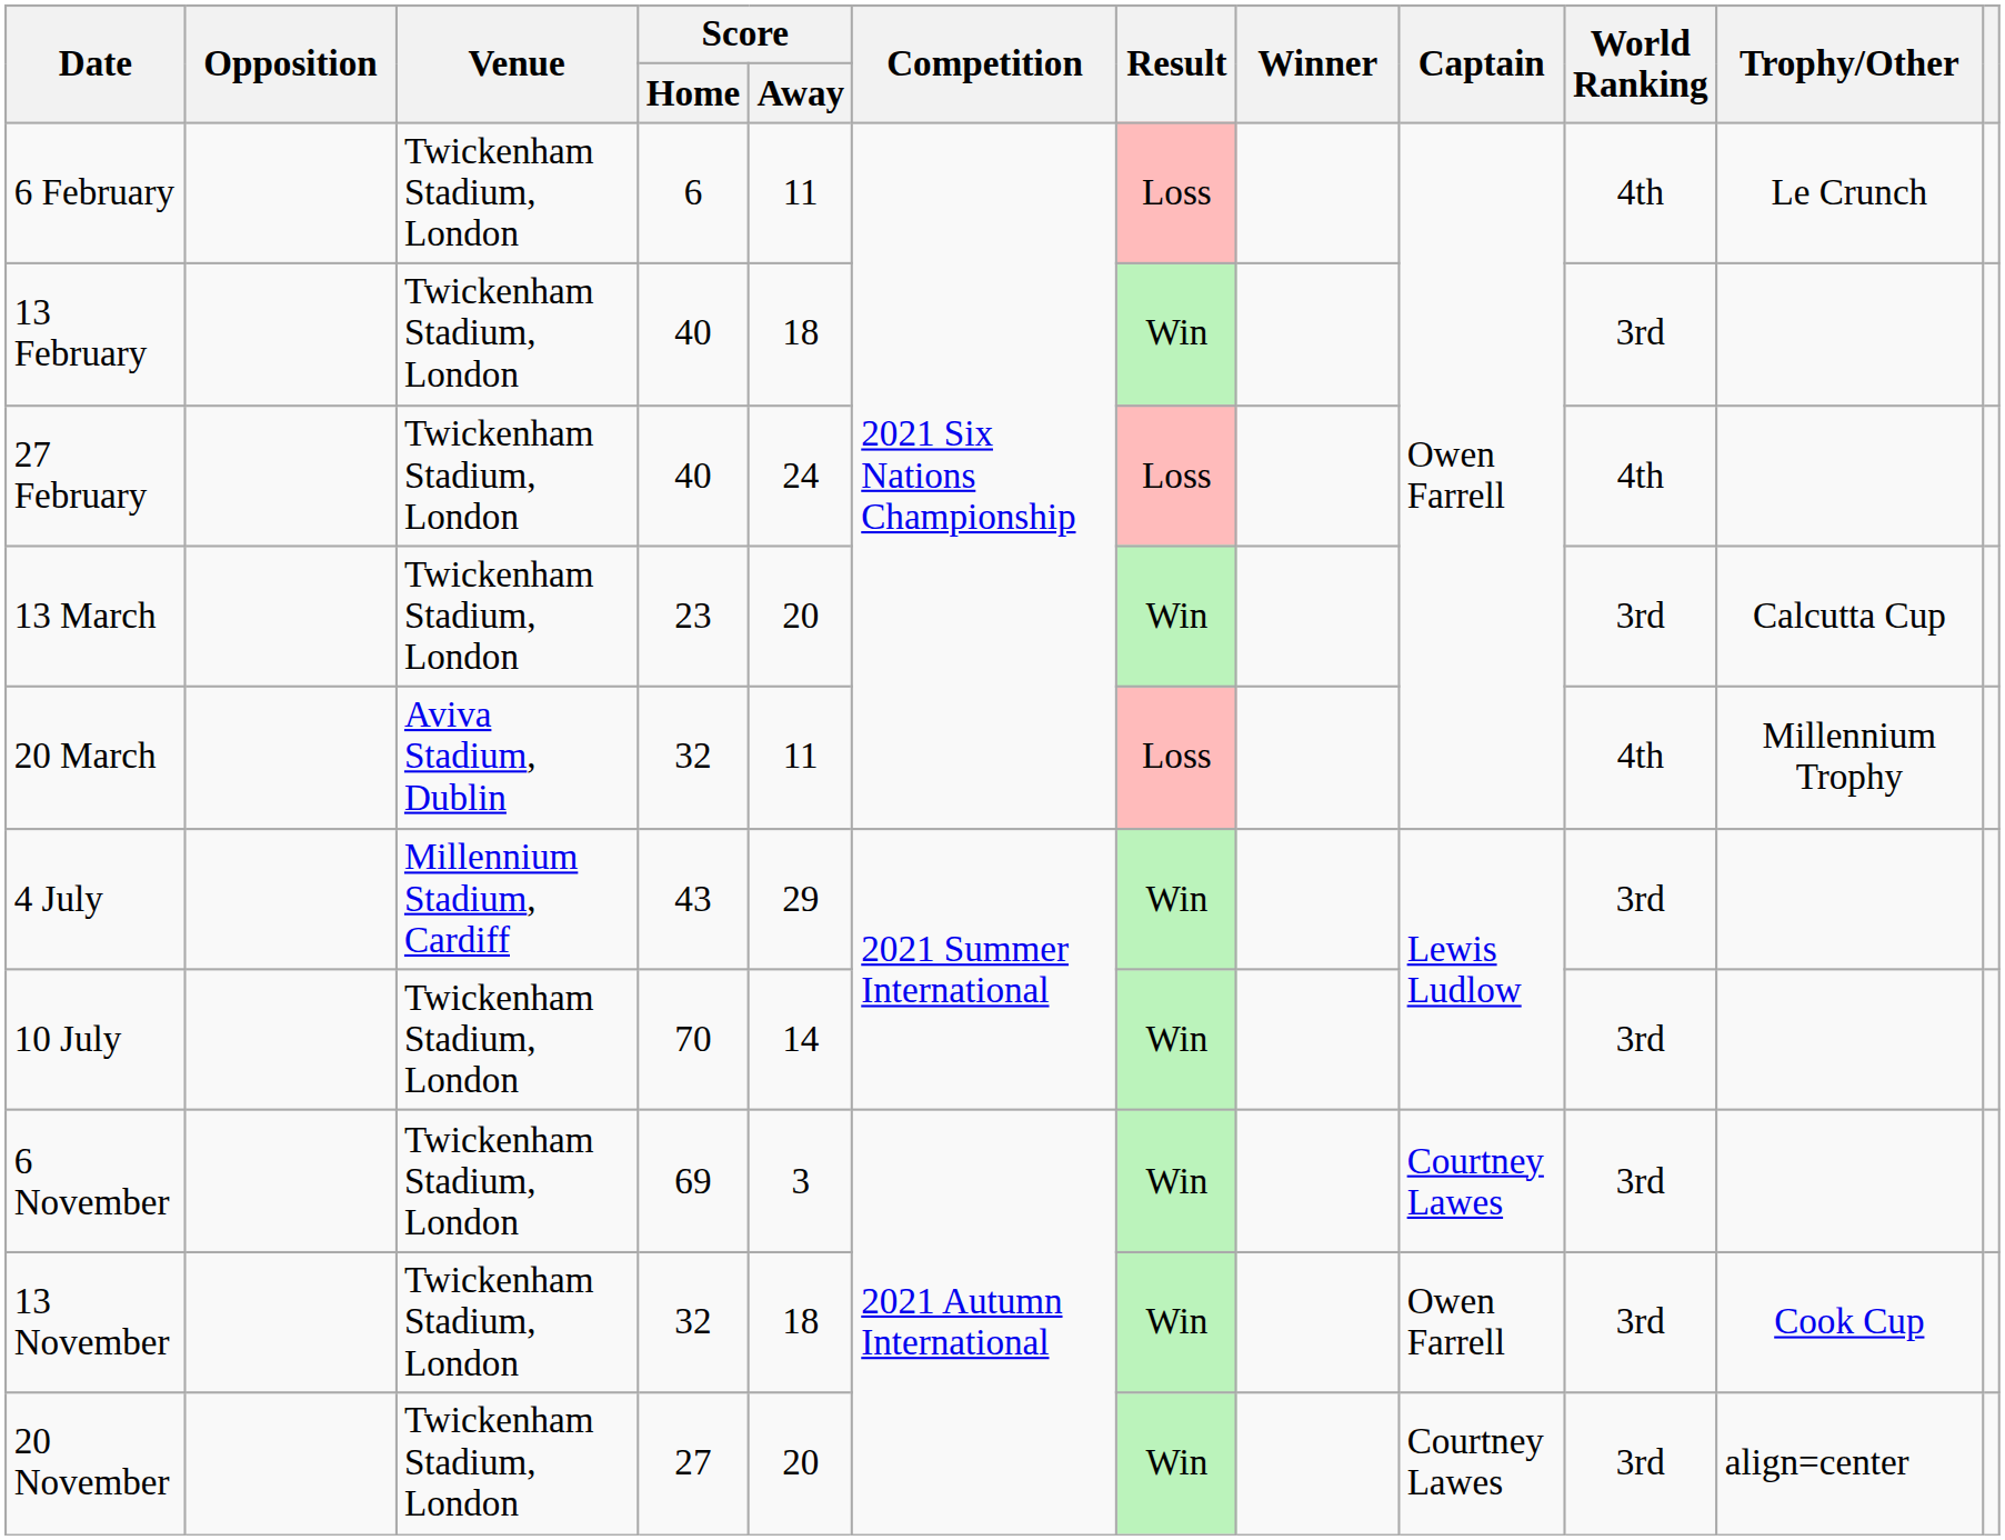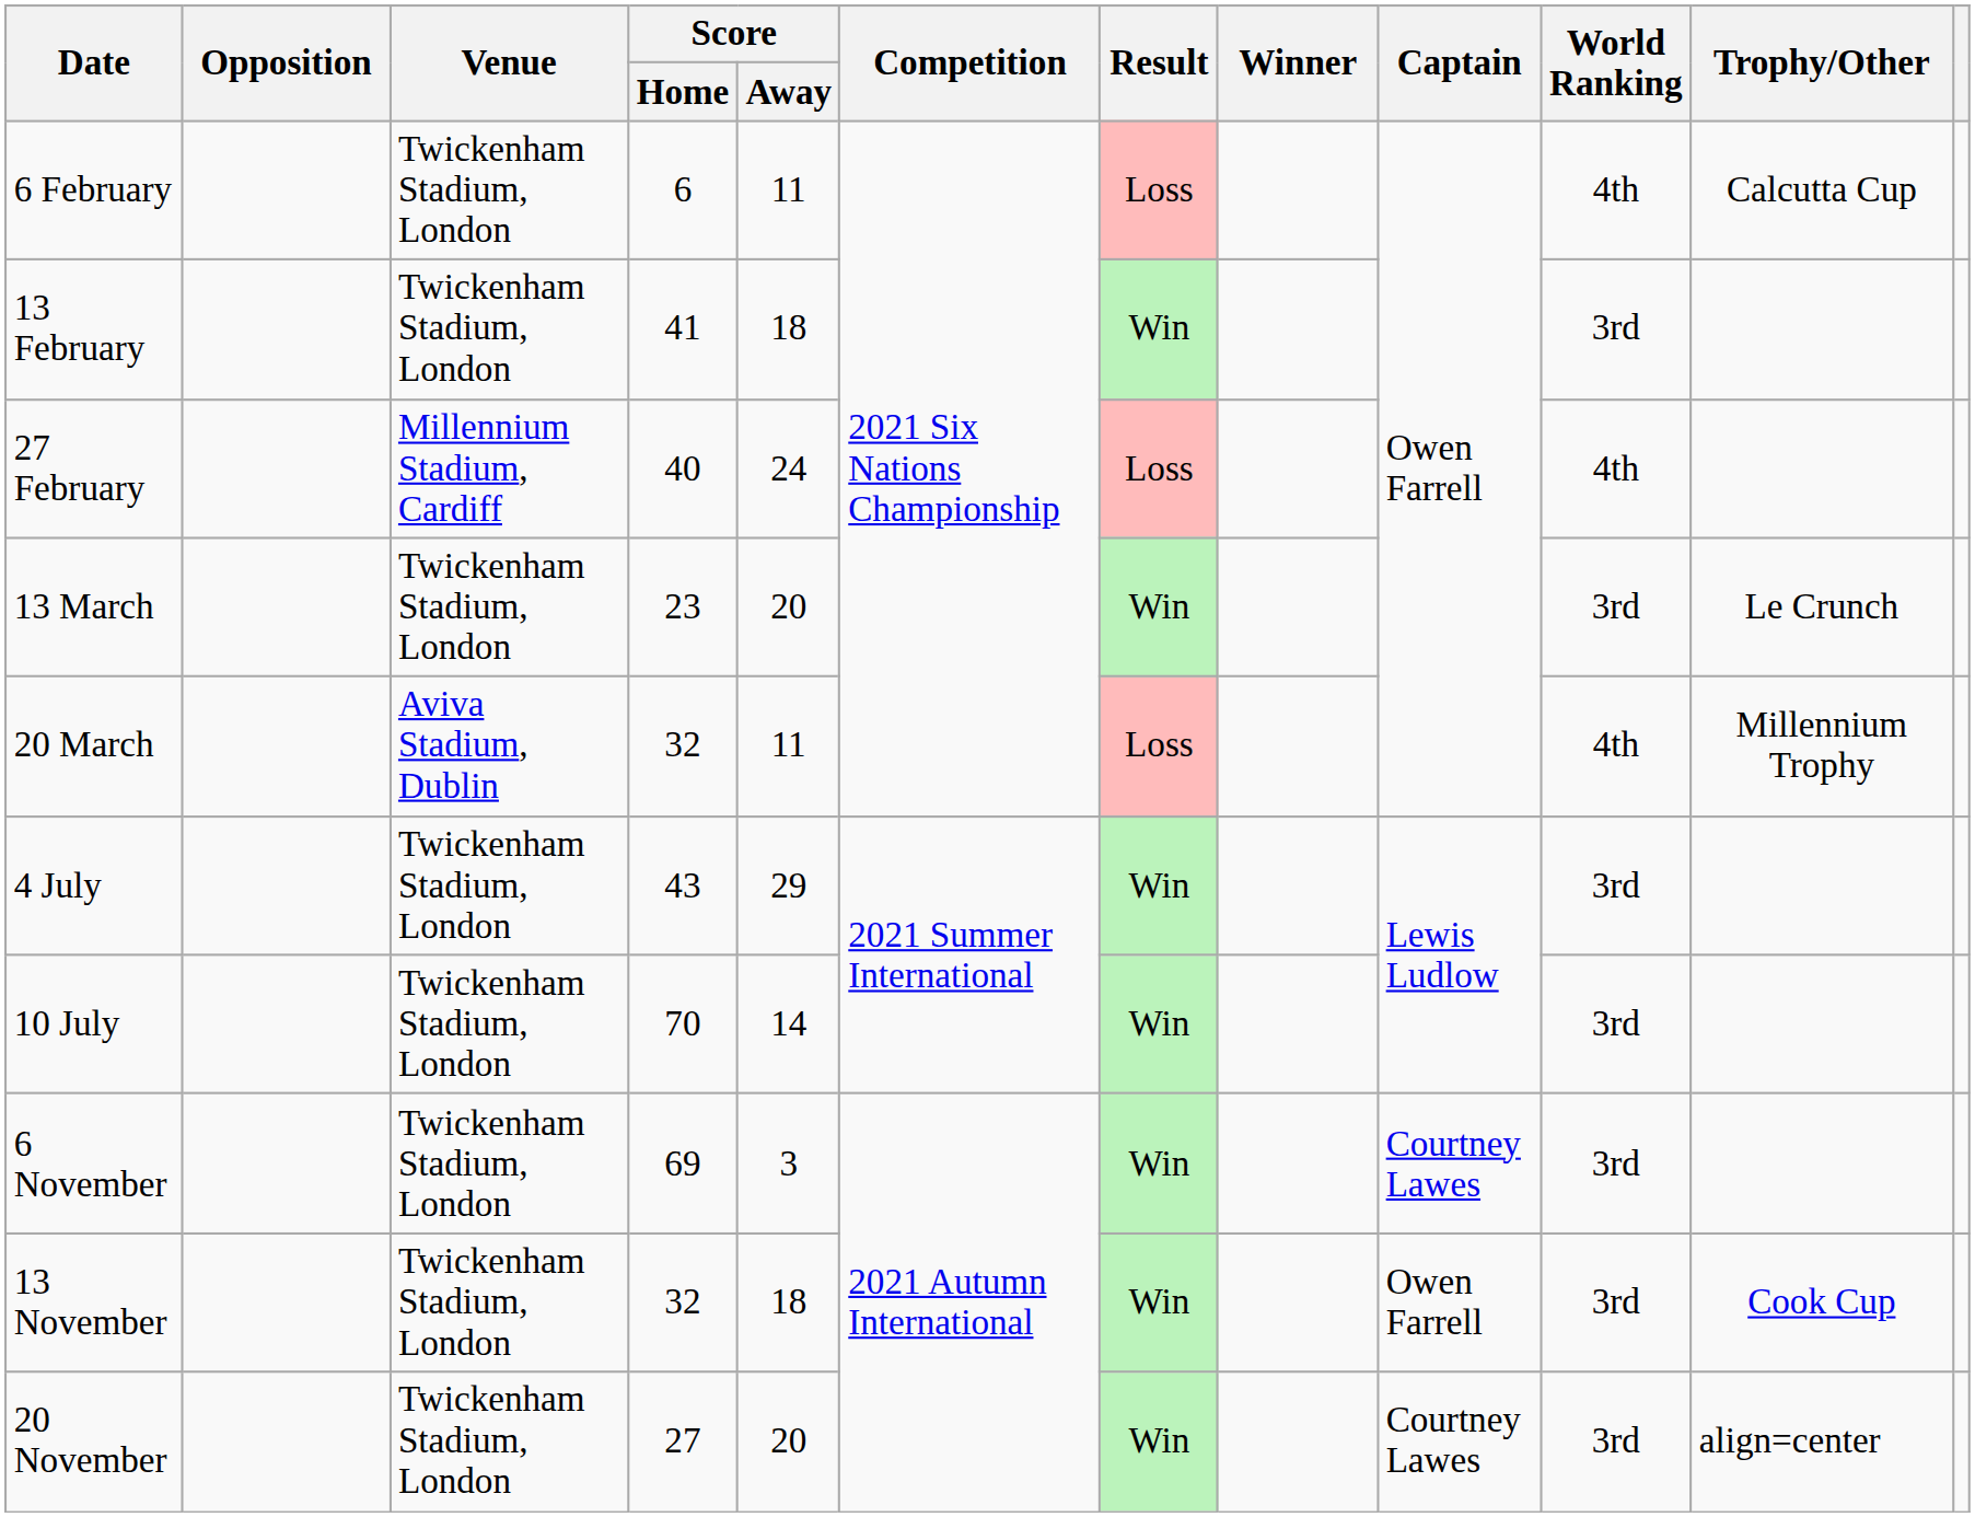 <table class="wikitable">
 <tr>
 <th rowspan=2 width="95">Date</th>
 <th rowspan=2 width="150">Opposition</th>
 <th rowspan=2 width="215">Venue</th>
 <th colspan=2>Score</th>
 <th rowspan=2 width="215">Competition</th>
 <th rowspan=2 width="55">Result</th>
 <th rowspan=2 width="145">Winner</th>
 <th rowspan=2 width="105">Captain</th>
 <th rowspan=2 width="40">World Ranking</th>
 <th rowspan=2 width="205">Trophy/Other </th>
 <th rowspan=2></th>
 </tr>
 <tr>
 <th width="35">Home</th>
 <th width="35">Away</th>
 </tr>
 <tr>
 <td>6 February</td>
 <td></td>
 <td>Twickenham Stadium, London</td>
 <td align=center>6</td>
 <td align=center>11</td>
 <td rowspan=5><a href='#'>2021 Six Nations Championship</a></td>
 <td align=center bgcolor=#FFBBBB>Loss</td>
 <td></td>
 <td rowspan=5>Owen Farrell</td>
 <td align=center>4th</td>
-<td align=center>Le Crunch</td>
+<td align=center>Calcutta Cup</td>
 <td align=center></td>
 </tr>
 <tr>
 <td>13 February</td>
 <td></td>
 <td>Twickenham Stadium, London</td>
-<td align=center>40</td>
+<td align=center>41</td>
 <td align=center>18</td>
 <td align=center bgcolor=#BBF3BB>Win</td>
 <td></td>
 <td align=center>3rd</td>
 <td></td>
 <td align=center></td>
 </tr>
 <tr>
 <td>27 February</td>
 <td></td>
-<td>Twickenham Stadium, London</td>
+<td><a href='#'>Millennium Stadium</a>, <a href='#'>Cardiff</a></td>
 <td align=center>40</td>
 <td align=center>24</td>
 <td align=center bgcolor=#FFBBBB>Loss</td>
 <td></td>
 <td align=center>4th</td>
 <td></td>
 <td align=center></td>
 </tr>
 <tr>
 <td>13 March</td>
 <td></td>
 <td>Twickenham Stadium, London</td>
 <td align=center>23</td>
 <td align=center>20</td>
 <td align=center bgcolor=#BBF3BB>Win</td>
 <td></td>
 <td align=center>3rd</td>
-<td align=center>Calcutta Cup</td>
+<td align=center>Le Crunch</td>
 <td align=center></td>
 </tr>
 <tr>
 <td>20 March</td>
 <td></td>
 <td><a href='#'>Aviva Stadium</a>, <a href='#'>Dublin</a></td>
 <td align=center>32</td>
 <td align=center>11</td>
 <td align=center bgcolor=#FFBBBB>Loss</td>
 <td></td>
 <td align=center>4th</td>
 <td align=center>Millennium Trophy</td>
 <td align=center></td>
 </tr>
 <tr>
 <td>4 July</td>
 <td></td>
-<td><a href='#'>Millennium Stadium</a>, <a href='#'>Cardiff</a></td>
+<td>Twickenham Stadium, London</td>
 <td align=center>43</td>
 <td align=center>29</td>
 <td rowspan=2><a href='#'>2021 Summer International</a></td>
 <td align=center bgcolor=#BBF3BB>Win</td>
 <td></td>
 <td rowspan=2><a href='#'>Lewis Ludlow</a></td>
 <td align=center>3rd</td>
 <td></td>
 <td align=center></td>
 </tr>
 <tr>
 <td>10 July</td>
 <td></td>
 <td>Twickenham Stadium, London</td>
 <td align=center>70</td>
 <td align=center>14</td>
 <td align=center bgcolor=#BBF3BB>Win</td>
 <td></td>
 <td align=center>3rd</td>
 <td></td>
 <td align=center></td>
 </tr>
 <tr>
 <td>6 November</td>
 <td></td>
 <td>Twickenham Stadium, London</td>
 <td align=center>69</td>
 <td align=center>3</td>
 <td rowspan=3><a href='#'>2021 Autumn International</a></td>
 <td align=center bgcolor=#BBF3BB>Win</td>
 <td></td>
 <td><a href='#'>Courtney Lawes</a></td>
 <td align=center>3rd</td>
 <td></td>
 <td align=center></td>
 </tr>
 <tr>
 <td>13 November</td>
 <td></td>
 <td>Twickenham Stadium, London</td>
 <td align=center>32</td>
 <td align=center>18</td>
 <td align=center bgcolor=#BBF3BB>Win</td>
 <td></td>
 <td>Owen Farrell</td>
 <td align=center>3rd</td>
 <td align=center><a href='#'>Cook Cup</a></td>
 <td align=center></td>
 </tr>
 <tr>
 <td>20 November</td>
 <td></td>
 <td>Twickenham Stadium, London</td>
 <td align=center>27</td>
 <td align=center>20</td>
 <td align=center bgcolor=#BBF3BB>Win</td>
 <td></td>
 <td>Courtney Lawes</td>
 <td align=center>3rd</td>
 <td>align=center </td>
 <td align=center></td>
 </tr>
 </table>
